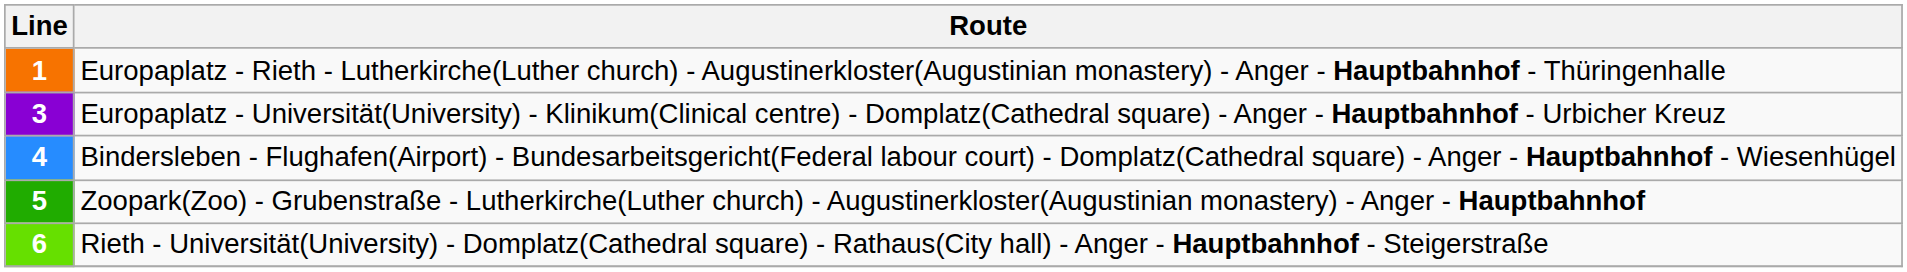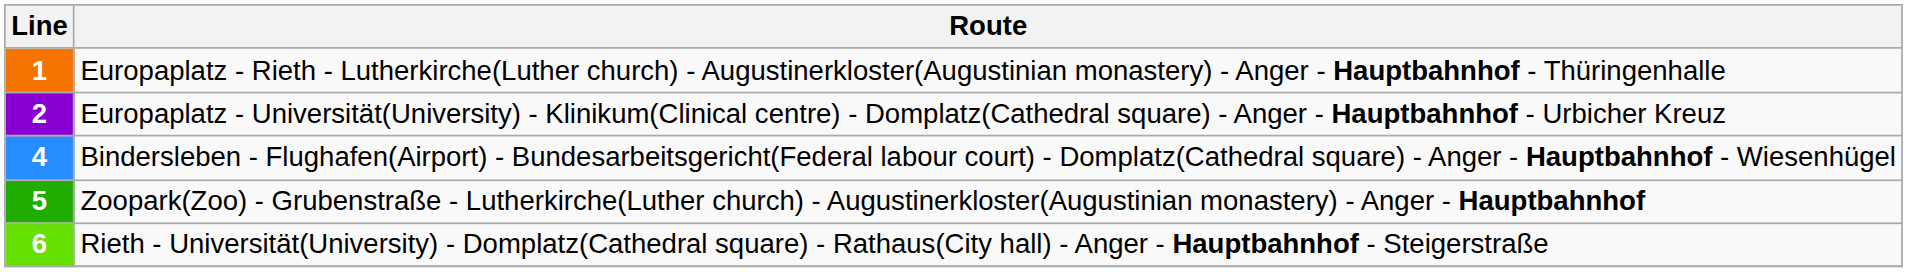 <table class="wikitable">
 <tr>
 <th>Line</th>
 <th>Route</th>
 </tr>
 <tr>
 <td style="background-color:#F77300;text-align:center;font-weight:bold;color:white;">1</td>
 <td>Europaplatz - Rieth - Lutherkirche(Luther church) - Augustinerkloster(Augustinian monastery) - Anger - <strong>Hauptbahnhof</strong> - Thüringenhalle</td>
 </tr>
 <tr>
-<td style="background-color:#8900D4;text-align:center;font-weight:bold;color:white;">3</td>
+<td style="background-color:#8900D4;text-align:center;font-weight:bold;color:white;">2</td>
 <td>Europaplatz - Universität(University) - Klinikum(Clinical centre) - Domplatz(Cathedral square) - Anger - <strong>Hauptbahnhof</strong> - Urbicher Kreuz</td>
 </tr>
 <tr>
 <td style="background-color:#268CFF;text-align:center;font-weight:bold;color:white;">4</td>
 <td>Bindersleben - Flughafen(Airport) - Bundesarbeitsgericht(Federal labour court) - Domplatz(Cathedral square) - Anger - <strong>Hauptbahnhof</strong> - Wiesenhügel</td>
 </tr>
 <tr>
 <td style="background-color:#20AC00;text-align:center;font-weight:bold;color:white;">5</td>
 <td>Zoopark(Zoo) - Grubenstraße - Lutherkirche(Luther church) - Augustinerkloster(Augustinian monastery) - Anger - <strong>Hauptbahnhof</strong></td>
 </tr>
 <tr>
 <td style="background-color:#66E000;text-align:center;font-weight:bold;color:white;">6</td>
 <td>Rieth - Universität(University) - Domplatz(Cathedral square) - Rathaus(City hall) - Anger - <strong>Hauptbahnhof</strong> - Steigerstraße</td>
 </tr>
 <tr>
 </tr>
 </table>
